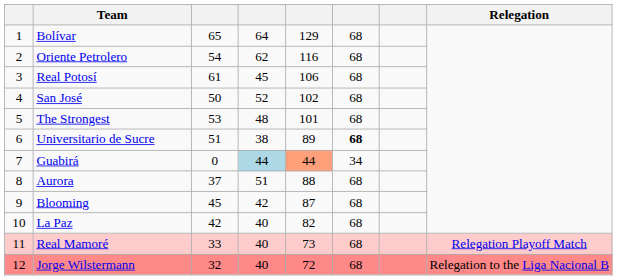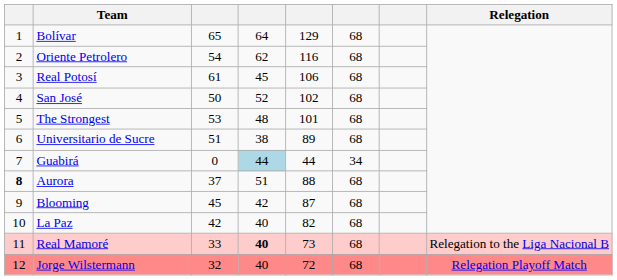 <table class="wikitable" style="text-align: center;">
 <tr>
 <th width=28><br></th>
 <th width=185>Team</th>
 <th width=50></th>
 <th width=50></th>
 <th width=50></th>
 <th width=50></th>
 <th width=50><br></th>
 <th>Relegation</th>
 </tr>
 <tr>
 <td>1</td>
 <td align="left"><a href='#'>Bolívar</a></td>
 <td>65</td>
 <td>64</td>
 <td>129</td>
 <td>68</td>
 <td><strong></strong></td>
 </tr>
 <tr>
 <td>2</td>
 <td align="left"><a href='#'>Oriente Petrolero</a></td>
 <td>54</td>
 <td>62</td>
 <td>116</td>
 <td>68</td>
 <td><strong></strong></td>
 </tr>
 <tr>
 <td>3</td>
 <td align="left"><a href='#'>Real Potosí</a></td>
 <td>61</td>
 <td>45</td>
 <td>106</td>
 <td>68</td>
 <td><strong></strong></td>
 </tr>
 <tr>
 <td>4</td>
 <td align="left"><a href='#'>San José</a></td>
 <td>50</td>
 <td>52</td>
 <td>102</td>
 <td>68</td>
 <td><strong></strong></td>
 </tr>
 <tr>
 <td>5</td>
 <td align="left"><a href='#'>The Strongest</a></td>
 <td>53</td>
 <td>48</td>
 <td>101</td>
 <td>68</td>
 <td><strong></strong></td>
 </tr>
 <tr>
 <td>6</td>
 <td align="left"><a href='#'>Universitario de Sucre</a></td>
 <td>51</td>
 <td>38</td>
 <td>89</td>
-<td><strong>68</strong></td>
+<td>68</td>
 <td><strong></strong></td>
 </tr>
 <tr>
 <td>7</td>
 <td align="left"><a href='#'>Guabirá</a></td>
 <td>0</td>
 <td style="background: lightblue;">44</td>
-<td style="background: lightsalmon;">44</td>
+<td>44</td>
 <td>34</td>
 <td><strong></strong></td>
 </tr>
 <tr>
-<td>8</td>
+<td><strong>8</strong></td>
 <td align="left"><a href='#'>Aurora</a></td>
 <td>37</td>
 <td>51</td>
 <td>88</td>
 <td>68</td>
 <td><strong></strong></td>
 </tr>
 <tr>
 <td>9</td>
 <td align="left"><a href='#'>Blooming</a></td>
 <td>45</td>
 <td>42</td>
 <td>87</td>
 <td>68</td>
 <td><strong></strong></td>
 </tr>
 <tr>
 <td>10</td>
 <td align="left"><a href='#'>La Paz</a></td>
 <td>42</td>
 <td>40</td>
 <td>82</td>
 <td>68</td>
 <td><strong></strong></td>
 </tr>
 <tr bgcolor=#FFCCCC>
 <td>11</td>
 <td align="left"><a href='#'>Real Mamoré</a></td>
 <td>33</td>
-<td>40</td>
+<td><strong>40</strong></td>
 <td>73</td>
 <td>68</td>
 <td><strong></strong></td>
-<td rowspan=1><a href='#'>Relegation Playoff Match</a></td>
+<td rowspan=1>Relegation to the <a href='#'>Liga Nacional B</a></td>
 </tr>
 <tr bgcolor=#FF8888>
 <td>12</td>
 <td align="left"><a href='#'>Jorge Wilstermann</a></td>
 <td>32</td>
 <td>40</td>
 <td>72</td>
 <td>68</td>
 <td><strong></strong></td>
-<td rowspan=1>Relegation to the <a href='#'>Liga Nacional B</a></td>
+<td rowspan=1><a href='#'>Relegation Playoff Match</a></td>
 </tr>
 </table>
